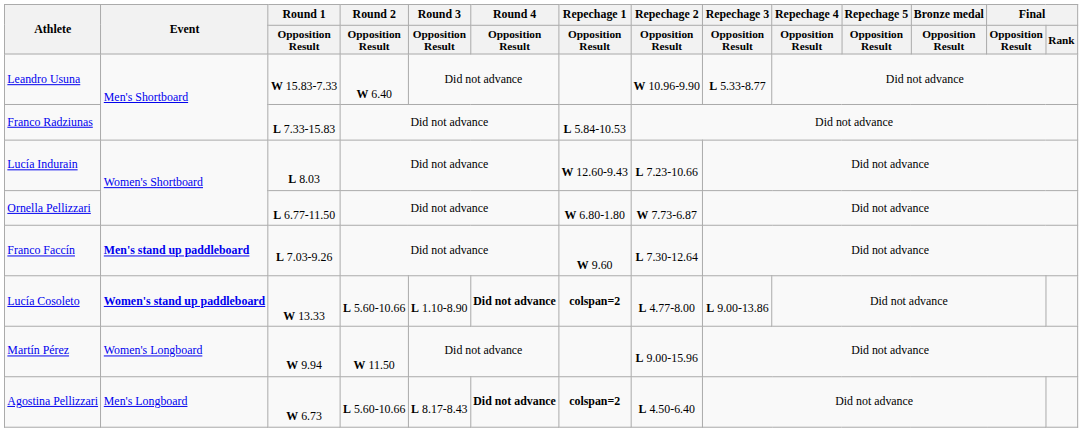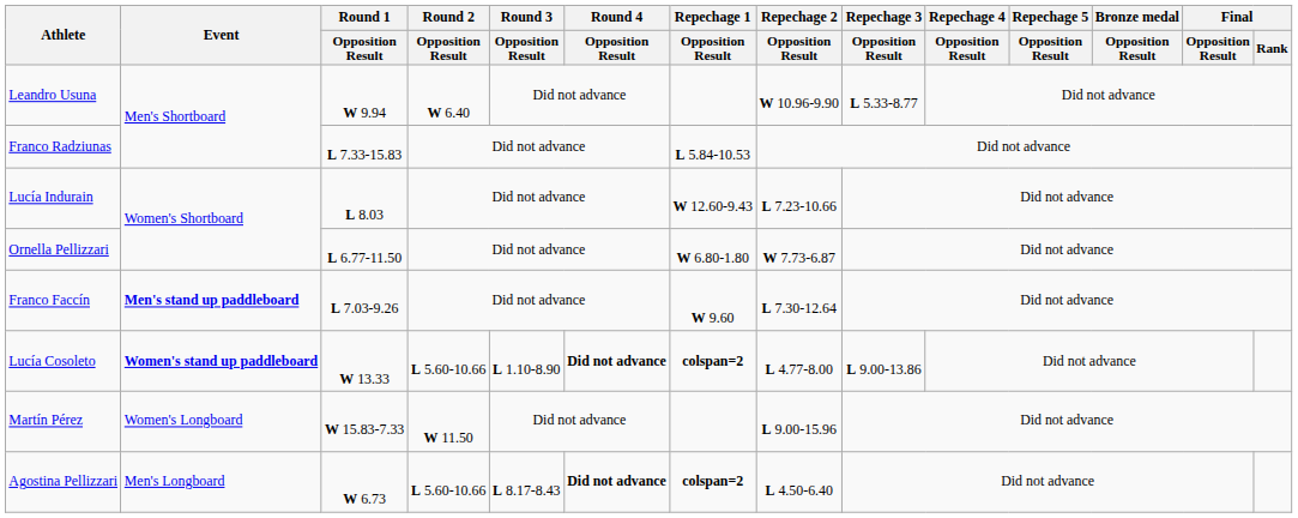 <table class=wikitable style=font-size:75%;text-align:center>
 <tr>
 <th rowspan=2>Athlete</th>
 <th rowspan=2>Event</th>
 <th>Round 1</th>
 <th>Round 2</th>
 <th>Round 3</th>
 <th>Round 4</th>
 <th>Repechage 1</th>
 <th>Repechage 2</th>
 <th>Repechage 3</th>
 <th>Repechage 4</th>
 <th>Repechage 5</th>
 <th>Bronze medal</th>
 <th colspan=2>Final</th>
 </tr>
 <tr style=font-size:95%>
 <th>Opposition<br>Result</th>
 <th>Opposition<br>Result</th>
 <th>Opposition<br>Result</th>
 <th>Opposition<br>Result</th>
 <th>Opposition<br>Result</th>
 <th>Opposition<br>Result</th>
 <th>Opposition<br>Result</th>
 <th>Opposition<br>Result</th>
 <th>Opposition<br>Result</th>
 <th>Opposition<br>Result</th>
 <th>Opposition<br>Result</th>
 <th>Rank</th>
 </tr>
 <tr>
 <td align=left><a href='#'>Leandro Usuna</a></td>
 <td align=left rowspan=2><a href='#'>Men's Shortboard</a></td>
-<td><br><strong>W</strong> 15.83-7.33</td>
+<td><br><br><strong>W</strong> 9.94</td>
 <td><br><br><strong>W</strong> 6.40</td>
 <td colspan=2>Did not advance</td>
 <td></td>
 <td><br><strong>W</strong> 10.96-9.90</td>
 <td><br><strong>L</strong> 5.33-8.77</td>
 <td colspan=5>Did not advance</td>
 </tr>
 <tr>
 <td align=left><a href='#'>Franco Radziunas</a></td>
 <td><br><strong>L</strong> 7.33-15.83</td>
 <td colspan=3>Did not advance</td>
 <td><br><strong>L</strong> 5.84-10.53</td>
 <td colspan=7>Did not advance</td>
 </tr>
 <tr>
 <td align=left><a href='#'>Lucía Indurain</a></td>
 <td align=left rowspan=2><a href='#'>Women's Shortboard</a></td>
 <td><br><br><strong>L</strong> 8.03</td>
 <td colspan=3>Did not advance</td>
 <td><br><strong>W</strong> 12.60-9.43</td>
 <td><br><strong>L</strong> 7.23-10.66</td>
 <td colspan=6>Did not advance</td>
 </tr>
 <tr>
 <td align=left><a href='#'>Ornella Pellizzari</a></td>
 <td><br><strong>L</strong> 6.77-11.50</td>
 <td colspan=3>Did not advance</td>
 <td><br><strong>W</strong> 6.80-1.80</td>
 <td><br><strong>W</strong> 7.73-6.87</td>
 <td colspan=6>Did not advance</td>
 </tr>
 <tr>
 <td align=left><a href='#'>Franco Faccín</a></td>
 <td align=left><strong><a href='#'>Men's stand up paddleboard</a></strong></td>
 <td><br><strong>L</strong> 7.03-9.26</td>
 <td colspan=3>Did not advance</td>
 <td><br><br><strong>W</strong> 9.60</td>
 <td><br><strong>L</strong> 7.30-12.64</td>
 <td colspan=6>Did not advance</td>
 </tr>
 <tr>
 <td align=left><a href='#'>Lucía Cosoleto</a></td>
 <td align=left><strong><a href='#'>Women's stand up paddleboard</a></strong></td>
 <td><br><br><strong>W</strong> 13.33</td>
 <td><br><strong>L</strong> 5.60-10.66</td>
 <td><br><strong>L</strong> 1.10-8.90</td>
 <td><strong>Did not advance</strong></td>
 <td><strong>colspan=2 </strong></td>
 <td><br><strong>L</strong> 4.77-8.00</td>
 <td><br><strong>L</strong> 9.00-13.86</td>
 <td colspan=4>Did not advance</td>
 </tr>
 <tr>
 <td align=left><a href='#'>Martín Pérez</a></td>
 <td align=left><a href='#'>Women's Longboard</a></td>
-<td><br><br><strong>W</strong> 9.94</td>
+<td><br><strong>W</strong> 15.83-7.33</td>
 <td><br><br><strong>W</strong> 11.50</td>
 <td colspan=2>Did not advance</td>
 <td></td>
 <td><br><strong>L</strong> 9.00-15.96</td>
 <td colspan=6>Did not advance</td>
 </tr>
 <tr>
 <td align=left><a href='#'>Agostina Pellizzari</a></td>
 <td align=left><a href='#'>Men's Longboard</a></td>
 <td><br><br><strong>W</strong> 6.73</td>
 <td><br><strong>L</strong> 5.60-10.66</td>
 <td><br> <strong>L</strong> 8.17-8.43</td>
 <td><strong>Did not advance</strong></td>
 <td><strong>colspan=2 </strong></td>
 <td><br><strong>L</strong> 4.50-6.40</td>
 <td colspan=5>Did not advance</td>
 </tr>
 </table>
